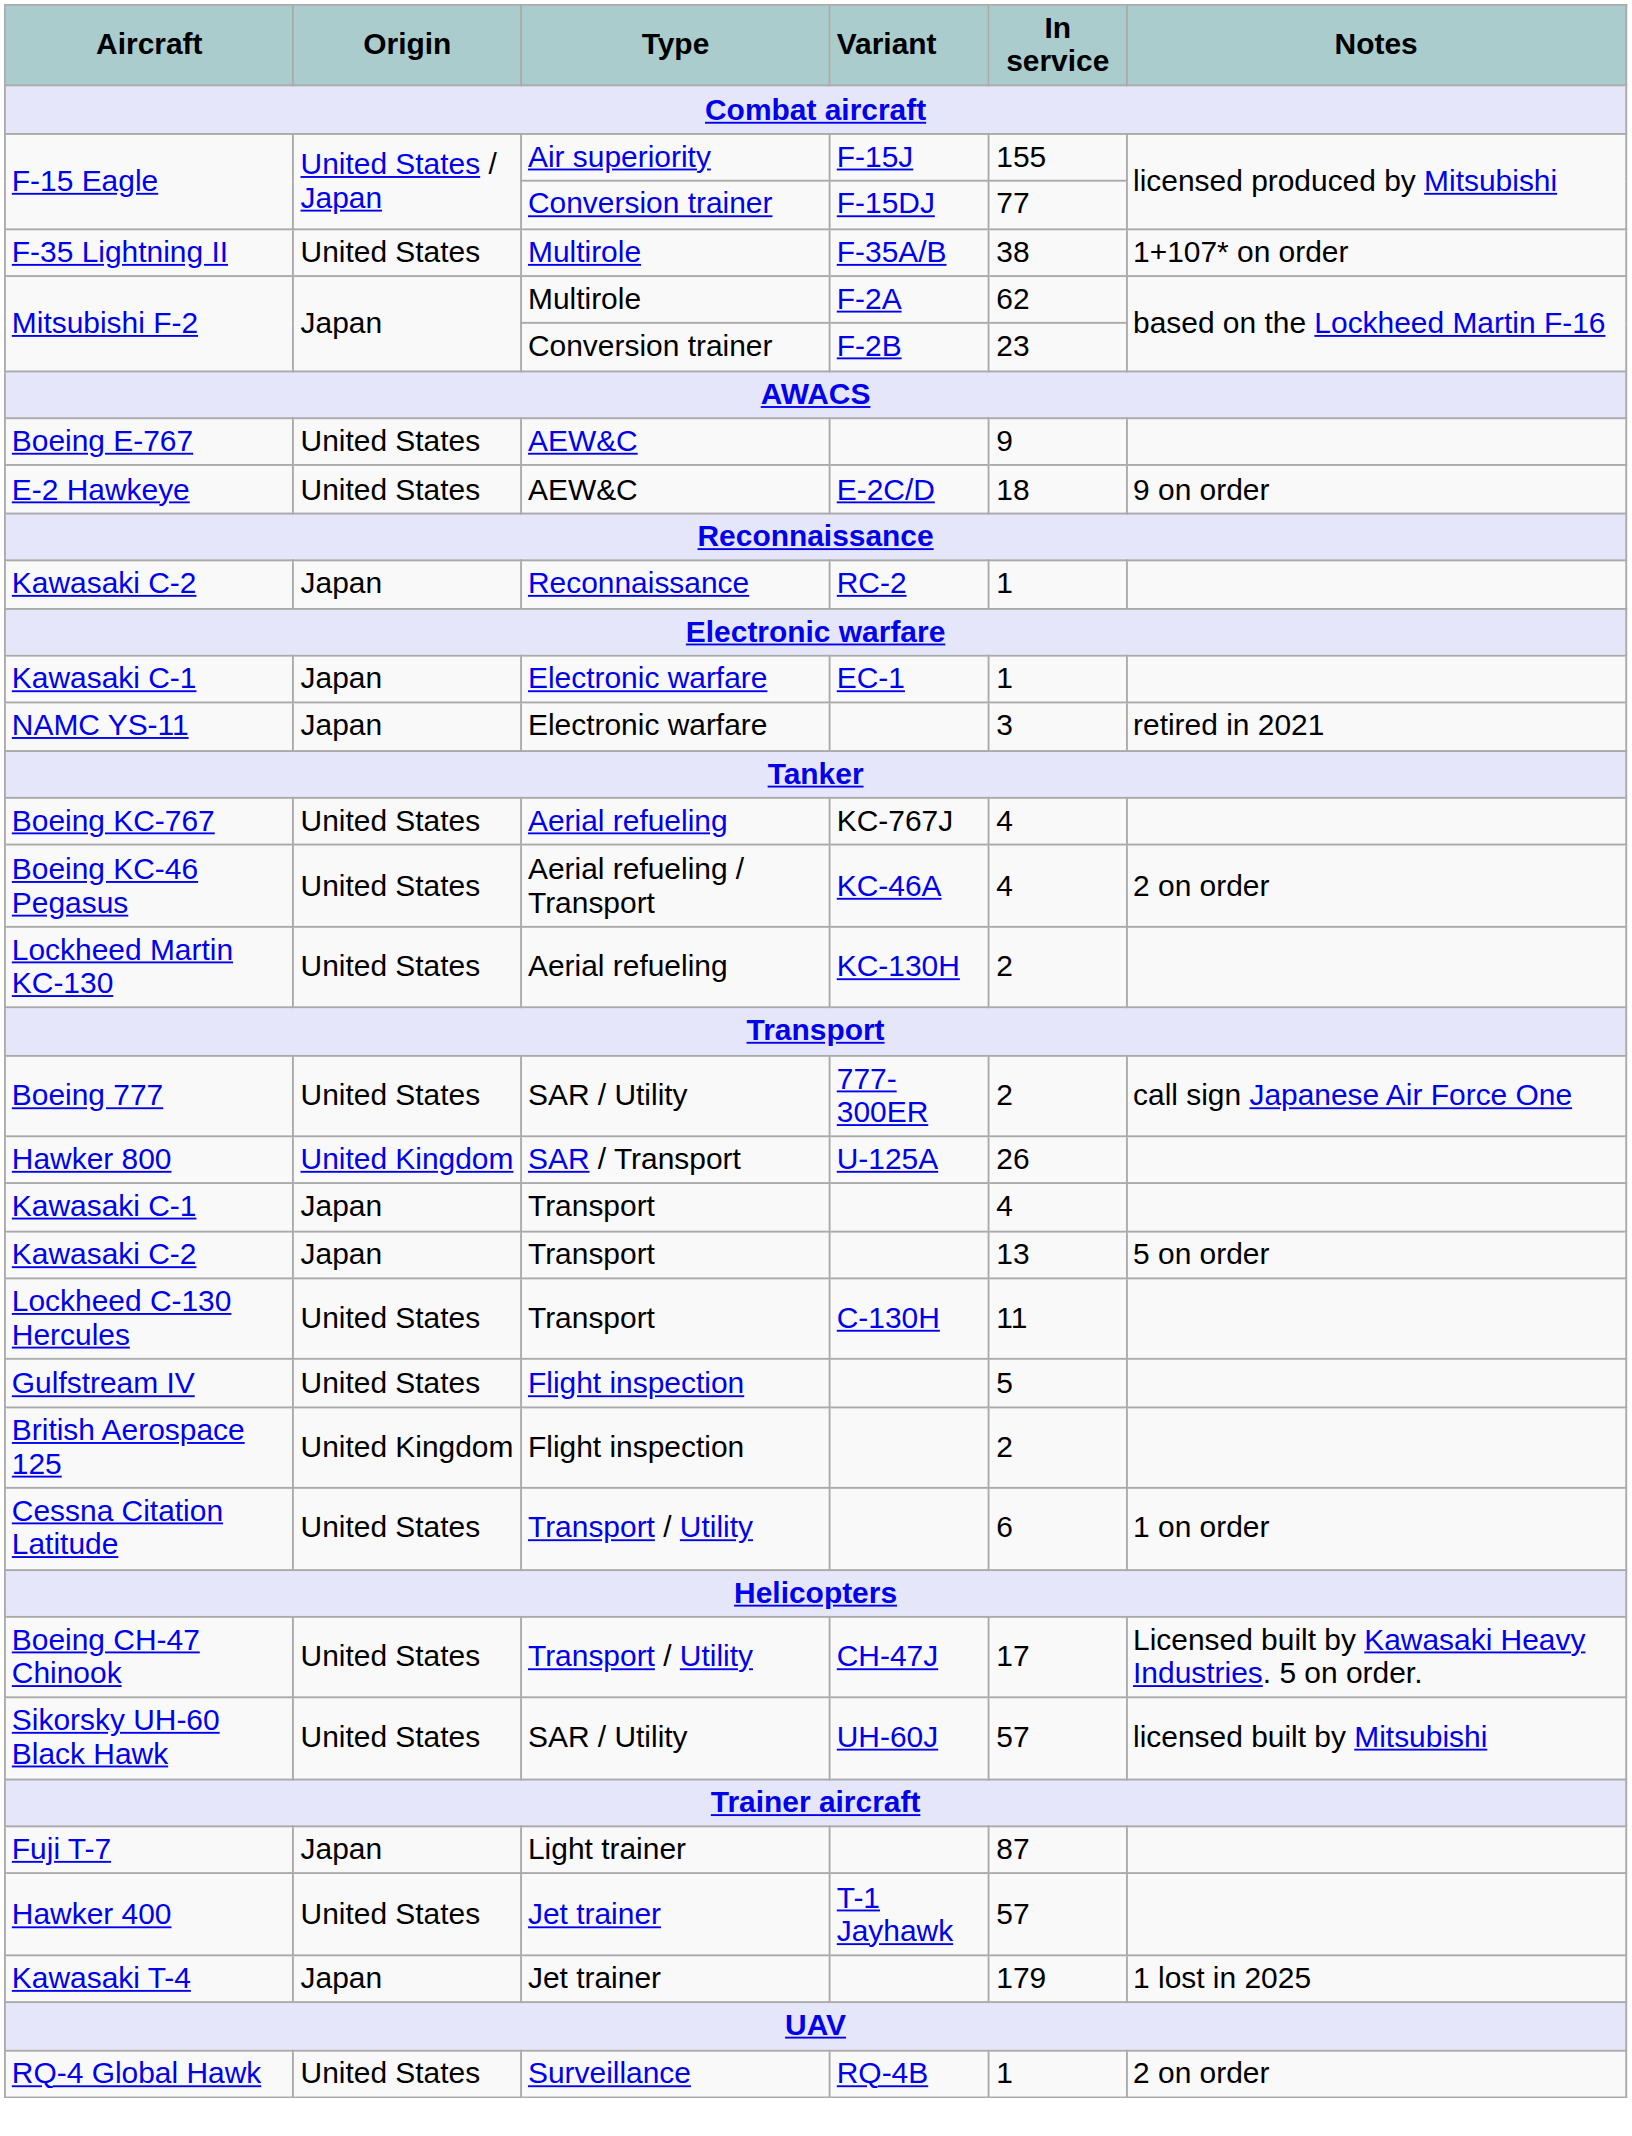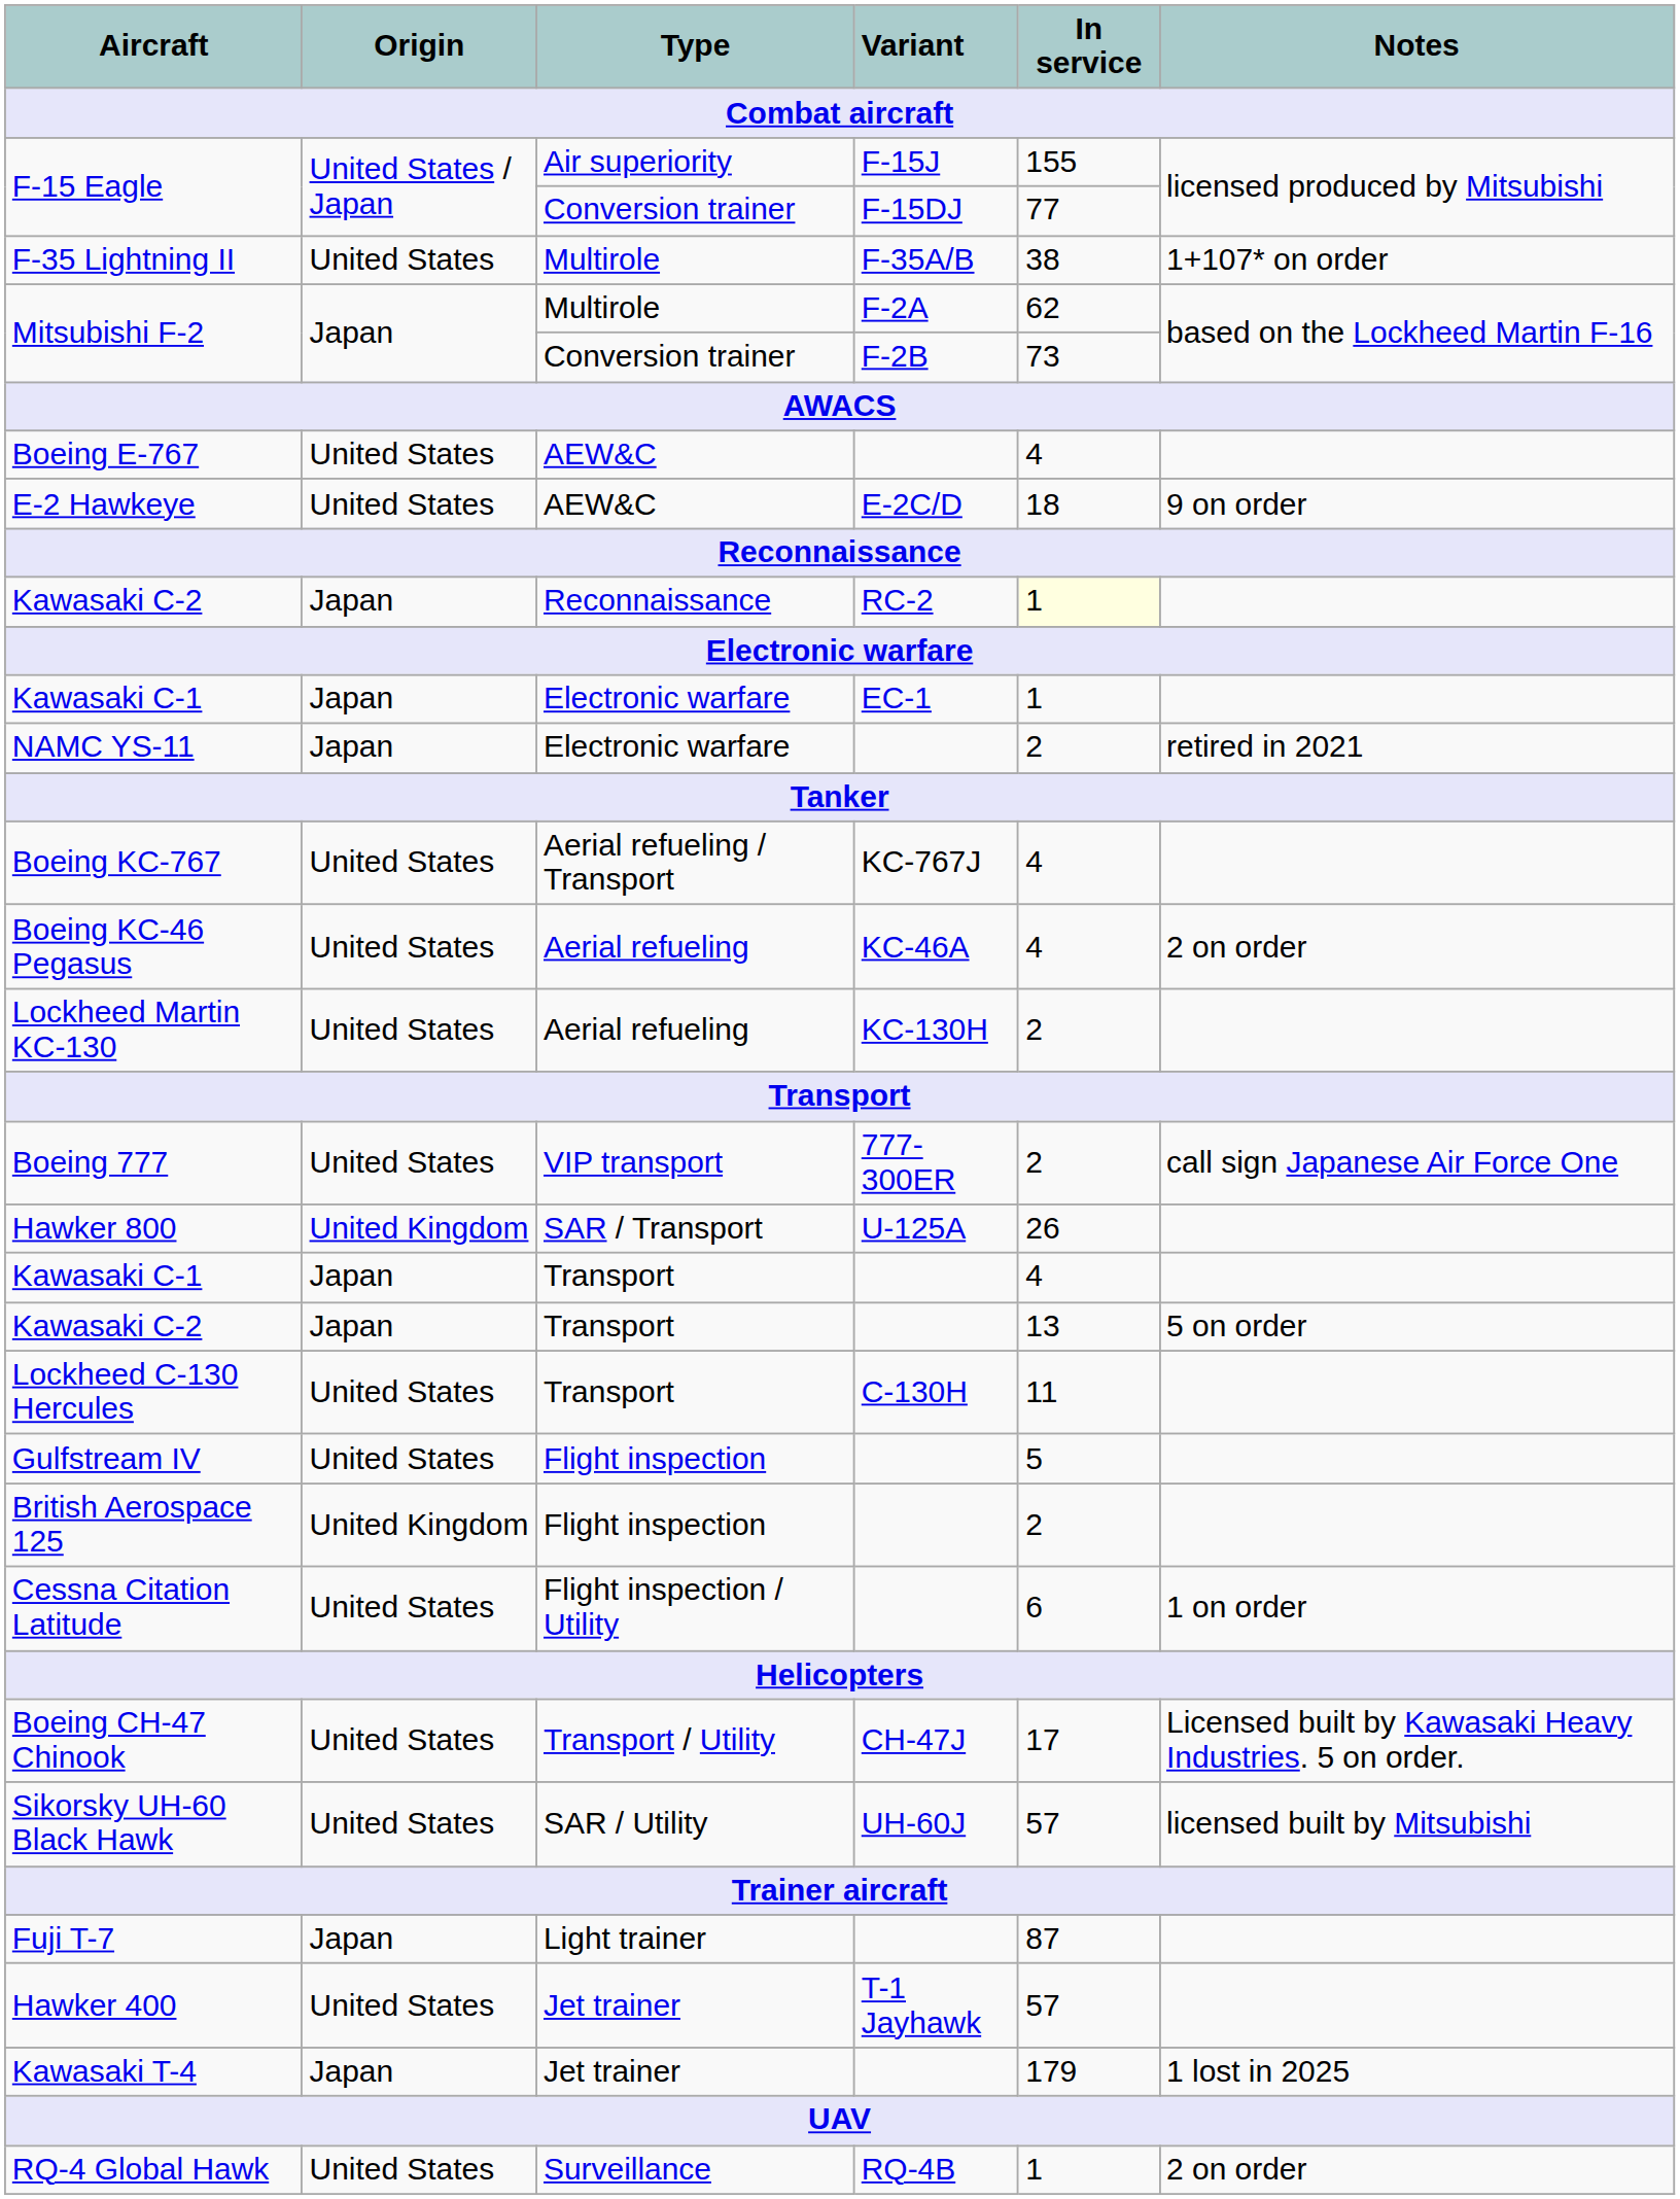 <table class="wikitable">
 <tr>
 <th style="text-align:center; background:#acc;">Aircraft</th>
 <th style="text-align: center; background:#acc;">Origin</th>
 <th style="text-align:l center; background:#acc;">Type</th>
 <th style="text-align:left; background:#acc;">Variant</th>
 <th style="text-align:center; background:#acc;">In service</th>
 <th style="text-align: center; background:#acc;">Notes</th>
 </tr>
 <tr>
 <th colspan="6" style="align: center; background: lavender;"><a href='#'>Combat aircraft</a></th>
 </tr>
 <tr>
 <td rowspan="2"><a href='#'>F-15 Eagle</a></td>
 <td rowspan="2"><a href='#'>United States</a> / <a href='#'>Japan</a></td>
 <td><a href='#'>Air superiority</a></td>
 <td><a href='#'>F-15J</a></td>
 <td>155</td>
 <td rowspan="2">licensed produced by <a href='#'>Mitsubishi</a></td>
 </tr>
 <tr>
 <td><a href='#'>Conversion trainer</a></td>
 <td><a href='#'>F-15DJ</a></td>
 <td>77</td>
 </tr>
 <tr>
 <td><a href='#'>F-35 Lightning II</a></td>
 <td>United States</td>
 <td><a href='#'>Multirole</a></td>
 <td><a href='#'>F-35A/B</a></td>
 <td>38</td>
 <td>1+107* on order</td>
 </tr>
 <tr>
 <td rowspan="2"><a href='#'>Mitsubishi F-2</a></td>
 <td rowspan="2">Japan</td>
 <td>Multirole</td>
 <td><a href='#'>F-2A</a></td>
 <td>62</td>
 <td rowspan="2">based on the <a href='#'>Lockheed Martin F-16</a></td>
 </tr>
 <tr>
 <td>Conversion trainer</td>
 <td><a href='#'>F-2B</a></td>
-<td>23</td>
+<td>73</td>
 </tr>
 <tr>
 <th colspan="6" style="align: center; background: lavender;"><a href='#'>AWACS</a></th>
 </tr>
 <tr>
 <td><a href='#'>Boeing E-767</a></td>
 <td>United States</td>
 <td><a href='#'>AEW&C</a></td>
 <td></td>
-<td>9</td>
+<td>4</td>
 <td></td>
 </tr>
 <tr>
 <td><a href='#'>E-2 Hawkeye</a></td>
 <td>United States</td>
 <td>AEW&C</td>
 <td><a href='#'>E-2C/D</a></td>
 <td>18</td>
 <td>9 on order</td>
 </tr>
 <tr>
 <th colspan="6" style="align: center; background: lavender;"><a href='#'>Reconnaissance</a></th>
 </tr>
 <tr>
 <td><a href='#'>Kawasaki C-2</a></td>
 <td>Japan</td>
 <td><a href='#'>Reconnaissance</a></td>
 <td><a href='#'>RC-2</a></td>
-<td>1</td>
+<td style="background: lightyellow;">1</td>
 <td></td>
 </tr>
 <tr>
 <th colspan="6" style="align: center; background: lavender;"><a href='#'>Electronic warfare</a></th>
 </tr>
 <tr>
 <td><a href='#'>Kawasaki C-1</a></td>
 <td>Japan</td>
 <td><a href='#'>Electronic warfare</a></td>
 <td><a href='#'>EC-1</a></td>
 <td>1</td>
 <td></td>
 </tr>
 <tr>
 <td><a href='#'>NAMC YS-11</a></td>
 <td>Japan</td>
 <td>Electronic warfare</td>
 <td></td>
-<td>3</td>
+<td>2</td>
 <td>retired in 2021</td>
 </tr>
 <tr>
 <th colspan="6" style="align: center; background: lavender;"><a href='#'>Tanker</a></th>
 </tr>
 <tr>
 <td><a href='#'>Boeing KC-767</a></td>
 <td>United States</td>
-<td><a href='#'>Aerial refueling</a></td>
+<td>Aerial refueling / Transport</td>
 <td>KC-767J</td>
 <td>4</td>
 <td></td>
 </tr>
 <tr>
 <td><a href='#'>Boeing KC-46 Pegasus</a></td>
 <td>United States</td>
-<td>Aerial refueling / Transport</td>
+<td><a href='#'>Aerial refueling</a></td>
 <td><a href='#'>KC-46A</a></td>
 <td>4</td>
 <td>2 on order</td>
 </tr>
 <tr>
 <td><a href='#'>Lockheed Martin KC-130</a></td>
 <td>United States</td>
 <td>Aerial refueling</td>
 <td><a href='#'>KC-130H</a></td>
 <td>2</td>
 <td></td>
 </tr>
 <tr>
 <th colspan="6" style="align: center; background: lavender;"><a href='#'>Transport</a></th>
 </tr>
 <tr>
 <td><a href='#'>Boeing 777</a></td>
 <td>United States</td>
-<td>SAR / Utility</td>
+<td><a href='#'>VIP transport</a></td>
 <td><a href='#'>777-300ER</a></td>
 <td>2</td>
 <td>call sign <a href='#'>Japanese Air Force One</a></td>
 </tr>
 <tr>
 <td><a href='#'>Hawker 800</a></td>
 <td><a href='#'>United Kingdom</a></td>
 <td><a href='#'>SAR</a> / Transport</td>
 <td><a href='#'>U-125A</a></td>
 <td>26</td>
 <td></td>
 </tr>
 <tr>
 <td><a href='#'>Kawasaki C-1</a></td>
 <td>Japan</td>
 <td>Transport</td>
 <td></td>
 <td>4</td>
 <td></td>
 </tr>
 <tr>
 <td><a href='#'>Kawasaki C-2</a></td>
 <td>Japan</td>
 <td>Transport</td>
 <td></td>
 <td>13</td>
 <td>5 on order</td>
 </tr>
 <tr>
 <td><a href='#'>Lockheed C-130 Hercules</a></td>
 <td>United States</td>
 <td>Transport</td>
 <td><a href='#'>C-130H</a></td>
 <td>11</td>
 <td></td>
 </tr>
 <tr>
 <td><a href='#'>Gulfstream IV</a></td>
 <td>United States</td>
 <td><a href='#'>Flight inspection</a></td>
 <td></td>
 <td>5</td>
 <td></td>
 </tr>
 <tr>
 <td><a href='#'>British Aerospace 125</a></td>
 <td>United Kingdom</td>
 <td>Flight inspection</td>
 <td></td>
 <td>2</td>
 <td></td>
 </tr>
 <tr>
 <td><a href='#'>Cessna Citation Latitude</a></td>
 <td>United States</td>
-<td><a href='#'>Transport</a> / <a href='#'>Utility</a></td>
+<td>Flight inspection / <a href='#'>Utility</a></td>
 <td></td>
 <td>6</td>
 <td>1 on order</td>
 </tr>
 <tr>
 <th colspan="6" style="align: center; background: lavender;"><a href='#'>Helicopters</a></th>
 </tr>
 <tr>
 <td><a href='#'>Boeing CH-47 Chinook</a></td>
 <td>United States</td>
 <td><a href='#'>Transport</a> / <a href='#'>Utility</a></td>
 <td><a href='#'>CH-47J</a></td>
 <td>17</td>
 <td>Licensed built by <a href='#'>Kawasaki Heavy Industries</a>. 5 on order.</td>
 </tr>
 <tr>
 <td><a href='#'>Sikorsky UH-60 Black Hawk</a></td>
 <td>United States</td>
 <td>SAR / Utility</td>
 <td><a href='#'>UH-60J</a></td>
 <td>57</td>
 <td>licensed built by <a href='#'>Mitsubishi</a></td>
 </tr>
 <tr>
 <th colspan="6" style="align: center; background: lavender;"><a href='#'>Trainer aircraft</a></th>
 </tr>
 <tr>
 <td><a href='#'>Fuji T-7</a></td>
 <td>Japan</td>
 <td>Light trainer</td>
 <td></td>
 <td>87</td>
 <td></td>
 </tr>
 <tr>
 <td><a href='#'>Hawker 400</a></td>
 <td>United States</td>
 <td><a href='#'>Jet trainer</a></td>
 <td><a href='#'>T-1 Jayhawk</a></td>
 <td>57</td>
 <td></td>
 </tr>
 <tr>
 <td><a href='#'>Kawasaki T-4</a></td>
 <td>Japan</td>
 <td>Jet trainer</td>
 <td></td>
 <td>179</td>
 <td>1 lost in 2025</td>
 </tr>
 <tr>
 <th style="align: center; background: lavender;" colspan="6"><a href='#'>UAV</a></th>
 </tr>
 <tr>
 <td><a href='#'>RQ-4 Global Hawk</a></td>
 <td>United States</td>
 <td><a href='#'>Surveillance</a></td>
 <td><a href='#'>RQ-4B</a></td>
 <td>1</td>
 <td>2 on order</td>
 </tr>
 </table>
